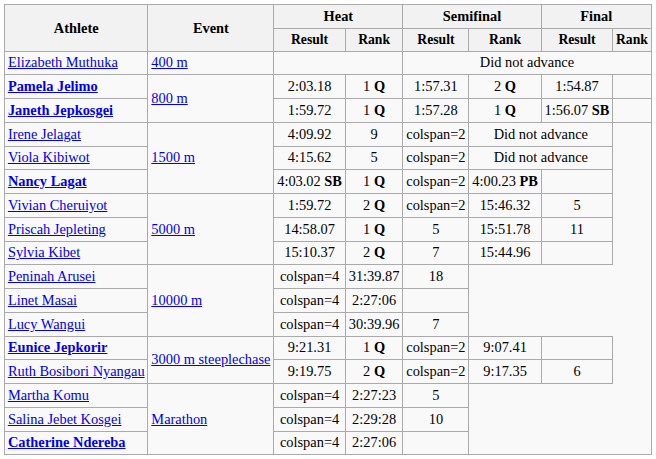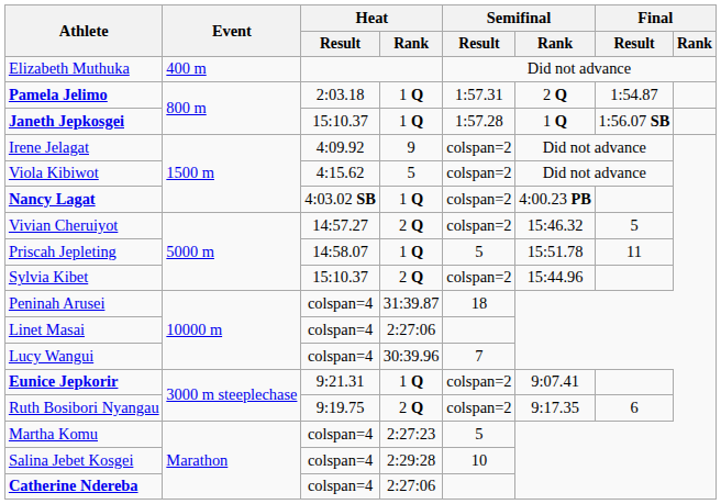 <table class=wikitable style="font-size:90%">
 <tr>
 <th rowspan="2">Athlete</th>
 <th rowspan="2">Event</th>
 <th colspan="2">Heat</th>
 <th colspan="2">Semifinal</th>
 <th colspan="2">Final</th>
 </tr>
 <tr style="font-size:95%">
 <th>Result</th>
 <th>Rank</th>
 <th>Result</th>
 <th>Rank</th>
 <th>Result</th>
 <th>Rank</th>
 </tr>
 <tr align=center>
 <td align=left><a href='#'>Elizabeth Muthuka</a></td>
 <td align=left><a href='#'>400 m</a></td>
 <td colspan=2></td>
 <td colspan=4>Did not advance</td>
 </tr>
 <tr align=center>
 <td align=left><strong><a href='#'>Pamela Jelimo</a></strong></td>
 <td align=left rowspan=2><a href='#'>800 m</a></td>
 <td>2:03.18</td>
 <td>1 <strong>Q</strong></td>
 <td>1:57.31</td>
 <td>2 <strong>Q</strong></td>
 <td>1:54.87</td>
 <td></td>
 </tr>
 <tr align=center>
 <td align=left><strong><a href='#'>Janeth Jepkosgei</a></strong></td>
-<td>1:59.72</td>
+<td>15:10.37</td>
 <td>1 <strong>Q</strong></td>
 <td>1:57.28</td>
 <td>1 <strong>Q</strong></td>
 <td>1:56.07 <strong>SB</strong></td>
 <td></td>
 </tr>
 <tr align=center>
 <td align=left><a href='#'>Irene Jelagat</a></td>
 <td align=left rowspan=3><a href='#'>1500 m</a></td>
 <td>4:09.92</td>
 <td>9</td>
 <td>colspan=2 </td>
 <td colspan=2>Did not advance</td>
 </tr>
 <tr align=center>
 <td align=left><a href='#'>Viola Kibiwot</a></td>
 <td>4:15.62</td>
 <td>5</td>
 <td>colspan=2 </td>
 <td colspan=2>Did not advance</td>
 </tr>
 <tr align=center>
 <td align=left><strong><a href='#'>Nancy Lagat</a></strong></td>
 <td>4:03.02 <strong>SB</strong></td>
 <td>1 <strong>Q</strong></td>
 <td>colspan=2 </td>
 <td>4:00.23 <strong>PB</strong></td>
 <td></td>
 </tr>
 <tr align=center>
 <td align=left><a href='#'>Vivian Cheruiyot</a></td>
 <td align=left rowspan=3><a href='#'>5000 m</a></td>
-<td>1:59.72</td>
+<td>14:57.27</td>
 <td>2 <strong>Q</strong></td>
 <td>colspan=2 </td>
 <td>15:46.32</td>
 <td>5</td>
 </tr>
 <tr align=center>
 <td align=left><a href='#'>Priscah Jepleting</a></td>
 <td>14:58.07</td>
 <td>1 <strong>Q</strong></td>
 <td>5</td>
 <td>15:51.78</td>
 <td>11</td>
 </tr>
 <tr align=center>
 <td align=left><a href='#'>Sylvia Kibet</a></td>
 <td>15:10.37</td>
 <td>2 <strong>Q</strong></td>
-<td>7</td>
+<td>colspan=2 </td>
 <td>15:44.96</td>
 <td></td>
 </tr>
 <tr align=center>
 <td align=left><a href='#'>Peninah Arusei</a></td>
 <td align=left rowspan=3><a href='#'>10000 m</a></td>
 <td>colspan=4 </td>
 <td>31:39.87</td>
 <td>18</td>
 </tr>
 <tr align=center>
 <td align=left><a href='#'>Linet Masai</a></td>
 <td>colspan=4 </td>
 <td>2:27:06</td>
 <td></td>
 </tr>
 <tr align=center>
 <td align=left><a href='#'>Lucy Wangui</a></td>
 <td>colspan=4 </td>
 <td>30:39.96</td>
 <td>7</td>
 </tr>
 <tr align=center>
 <td align=left><strong><a href='#'>Eunice Jepkorir</a></strong></td>
 <td align=left rowspan=2><a href='#'>3000 m steeplechase</a></td>
 <td>9:21.31</td>
 <td>1 <strong>Q</strong></td>
 <td>colspan=2 </td>
 <td>9:07.41</td>
 <td></td>
 </tr>
 <tr align=center>
 <td align=left><a href='#'>Ruth Bosibori Nyangau</a></td>
 <td>9:19.75</td>
 <td>2 <strong>Q</strong></td>
 <td>colspan=2 </td>
 <td>9:17.35</td>
 <td>6</td>
 </tr>
 <tr align=center>
 <td align=left><a href='#'>Martha Komu</a></td>
 <td align=left rowspan=3><a href='#'>Marathon</a></td>
 <td>colspan=4 </td>
 <td>2:27:23</td>
 <td>5</td>
 </tr>
 <tr align=center>
 <td align=left><a href='#'>Salina Jebet Kosgei</a></td>
 <td>colspan=4 </td>
 <td>2:29:28</td>
 <td>10</td>
 </tr>
 <tr align=center>
 <td align=left><strong><a href='#'>Catherine Ndereba</a></strong></td>
 <td>colspan=4 </td>
 <td>2:27:06</td>
 <td></td>
 </tr>
 </table>
